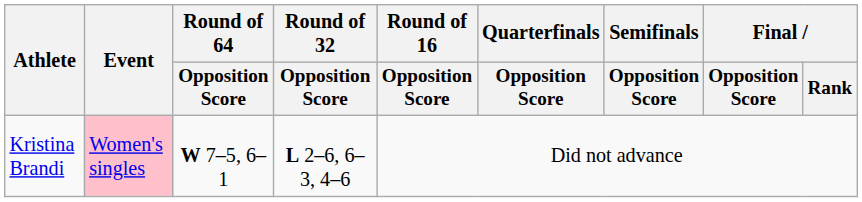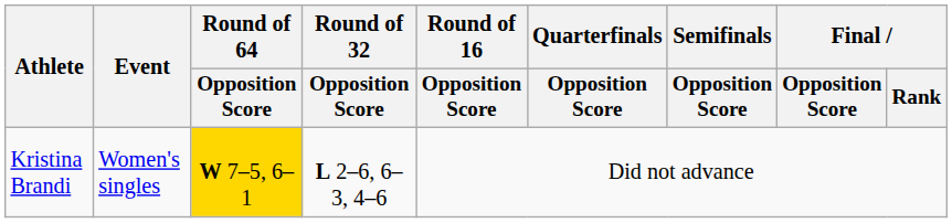 <table class=wikitable style="font-size:90%">
 <tr>
 <th rowspan="2">Athlete</th>
 <th rowspan="2">Event</th>
 <th>Round of 64</th>
 <th>Round of 32</th>
 <th>Round of 16</th>
 <th>Quarterfinals</th>
 <th>Semifinals</th>
 <th colspan=2>Final / </th>
 </tr>
 <tr style="font-size:95%">
 <th>Opposition<br>Score</th>
 <th>Opposition<br>Score</th>
 <th>Opposition<br>Score</th>
 <th>Opposition<br>Score</th>
 <th>Opposition<br>Score</th>
 <th>Opposition<br>Score</th>
 <th>Rank</th>
 </tr>
 <tr align=center>
 <td align=left><a href='#'>Kristina Brandi</a></td>
-<td align=left style="background: pink;"><a href='#'>Women's singles</a></td>
-<td><br><strong>W</strong> 7–5, 6–1</td>
+<td align=left><a href='#'>Women's singles</a></td>
+<td style="background: gold;"><br><strong>W</strong> 7–5, 6–1</td>
 <td><br><strong>L</strong> 2–6, 6–3, 4–6</td>
 <td colspan=5>Did not advance</td>
 </tr>
 </table>
